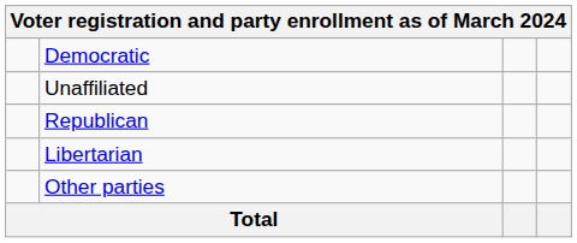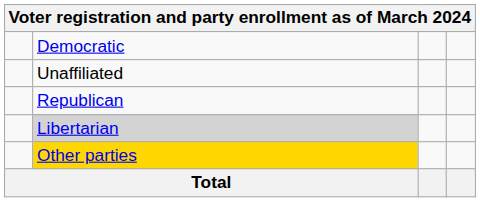 <table class=wikitable>
 <tr>
 <th colspan = 6>Voter registration and party enrollment as of March 2024</th>
 </tr>
 <tr>
 <td></td>
 <td><a href='#'>Democratic</a></td>
 <td align = center></td>
 <td align = center></td>
 </tr>
 <tr>
 <td></td>
 <td>Unaffiliated</td>
 <td align = center></td>
 <td align = center></td>
 </tr>
 <tr>
 <td></td>
 <td><a href='#'>Republican</a></td>
 <td align = center></td>
 <td align = center></td>
 </tr>
 <tr>
 <td></td>
-<td><a href='#'>Libertarian</a></td>
+<td style="background: lightgrey;"><a href='#'>Libertarian</a></td>
 <td align = center></td>
 <td align = center></td>
 </tr>
 <tr>
 <td></td>
-<td><a href='#'>Other parties</a></td>
+<td style="background: gold;"><a href='#'>Other parties</a></td>
 <td align = center></td>
 <td align = center></td>
 </tr>
 <tr>
 <th colspan = 2>Total</th>
 <th align = center></th>
 <th align = center></th>
 </tr>
 </table>
